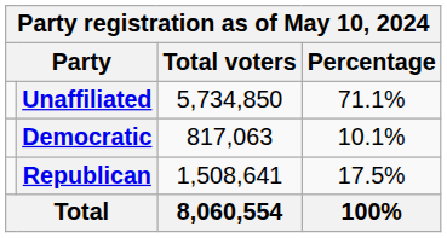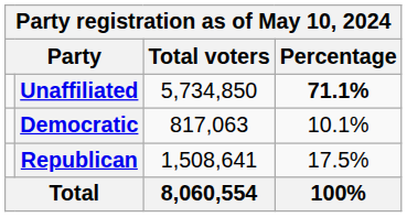 <table class="wikitable" style="align:left">
 <tr>
 <th colspan="6">Party registration as of May 10, 2024 </th>
 </tr>
 <tr>
 <th colspan="2">Party</th>
 <th>Total voters</th>
 <th>Percentage</th>
 </tr>
 <tr>
 <td></td>
 <th><a href='#'>Unaffiliated</a></th>
 <td align="center">5,734,850</td>
-<td align="center">71.1%</td>
+<td align="center"><strong>71.1%</strong></td>
 </tr>
 <tr>
 <td></td>
 <th><a href='#'>Democratic</a></th>
 <td align="center">817,063</td>
 <td align="center">10.1%</td>
 </tr>
 <tr>
 <td></td>
 <th><a href='#'>Republican</a></th>
 <td align="center">1,508,641</td>
 <td align="center">17.5%</td>
 </tr>
 <tr>
 <th colspan="2">Total</th>
 <th align="center">8,060,554</th>
 <th align="center">100%</th>
 </tr>
 </table>
